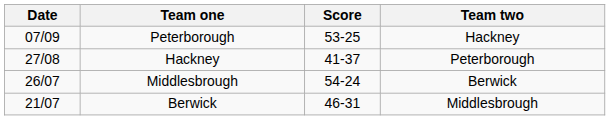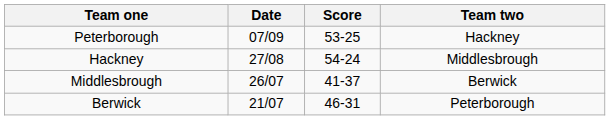 <table class="wikitable" style="text-align: center">
 <tr>
+<th width=250>Team one</th>
 <th width=80>Date</th>
-<th width=250>Team one</th>
 <th width=80>Score</th>
 <th width=250>Team two</th>
 </tr>
 <tr>
+<td>Peterborough</td>
 <td>07/09</td>
-<td>Peterborough</td>
 <td>53-25</td>
 <td>Hackney</td>
 </tr>
 <tr>
+<td>Hackney</td>
 <td>27/08</td>
-<td>Hackney</td>
-<td>41-37</td>
-<td>Peterborough</td>
+<td>54-24</td>
+<td>Middlesbrough</td>
 </tr>
 <tr>
+<td>Middlesbrough</td>
 <td>26/07</td>
-<td>Middlesbrough</td>
-<td>54-24</td>
+<td>41-37</td>
 <td>Berwick</td>
 </tr>
 <tr>
+<td>Berwick</td>
 <td>21/07</td>
-<td>Berwick</td>
 <td>46-31</td>
-<td>Middlesbrough</td>
+<td>Peterborough</td>
 </tr>
 </table>
